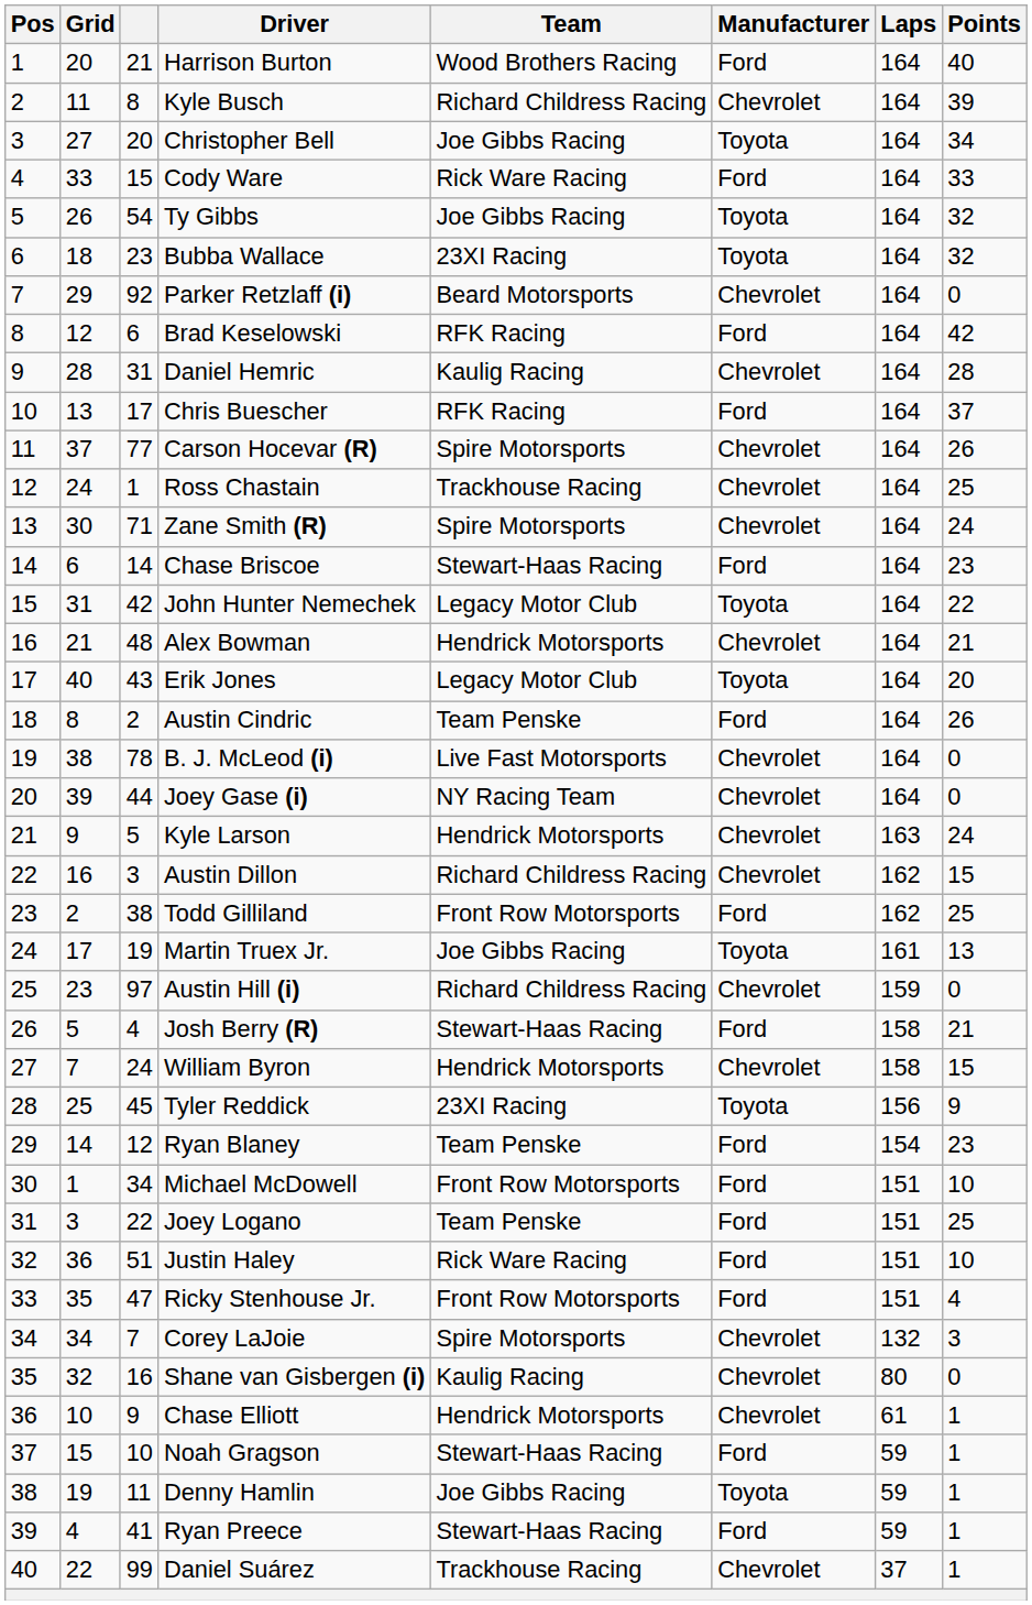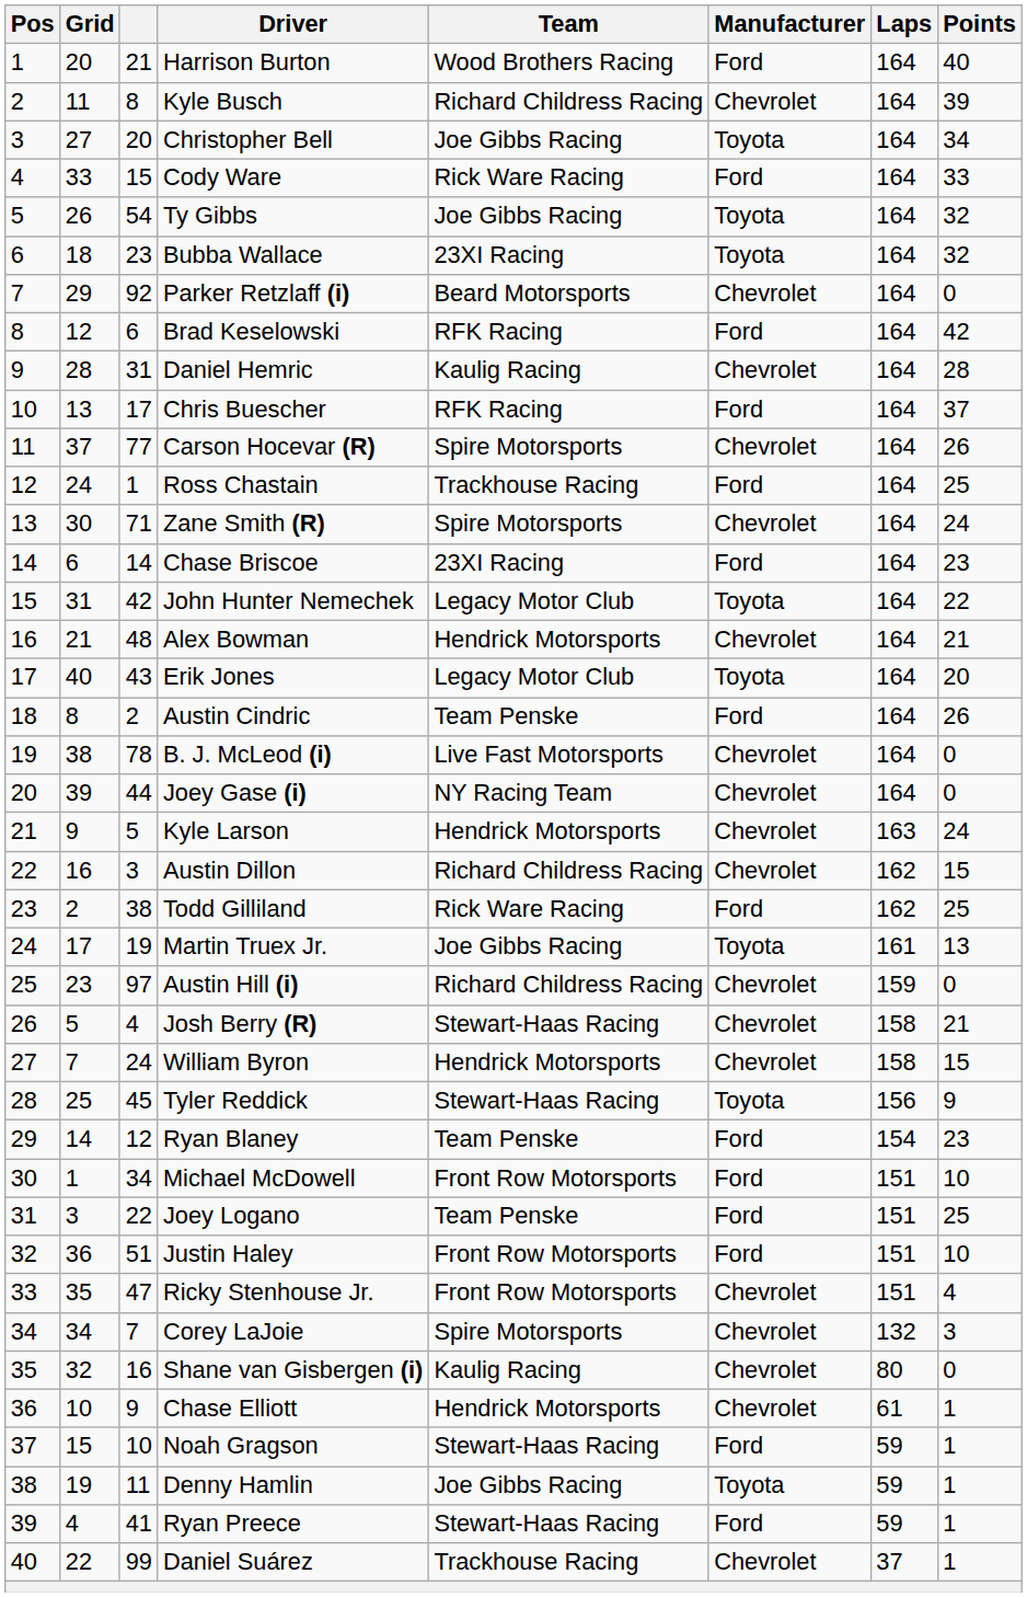 <table class="wikitable" style="font-size:98%">
 <tr>
 <th>Pos</th>
 <th>Grid</th>
 <th></th>
 <th>Driver</th>
 <th>Team</th>
 <th>Manufacturer</th>
 <th>Laps</th>
 <th>Points</th>
 </tr>
 <tr>
 <td>1</td>
 <td>20</td>
 <td>21</td>
 <td>Harrison Burton</td>
 <td>Wood Brothers Racing</td>
 <td>Ford</td>
 <td>164</td>
 <td>40</td>
 </tr>
 <tr>
 <td>2</td>
 <td>11</td>
 <td>8</td>
 <td>Kyle Busch</td>
 <td>Richard Childress Racing</td>
 <td>Chevrolet</td>
 <td>164</td>
 <td>39</td>
 </tr>
 <tr>
 <td>3</td>
 <td>27</td>
 <td>20</td>
 <td>Christopher Bell</td>
 <td>Joe Gibbs Racing</td>
 <td>Toyota</td>
 <td>164</td>
 <td>34</td>
 </tr>
 <tr>
 <td>4</td>
 <td>33</td>
 <td>15</td>
 <td>Cody Ware</td>
 <td>Rick Ware Racing</td>
 <td>Ford</td>
 <td>164</td>
 <td>33</td>
 </tr>
 <tr>
 <td>5</td>
 <td>26</td>
 <td>54</td>
 <td>Ty Gibbs</td>
 <td>Joe Gibbs Racing</td>
 <td>Toyota</td>
 <td>164</td>
 <td>32</td>
 </tr>
 <tr>
 <td>6</td>
 <td>18</td>
 <td>23</td>
 <td>Bubba Wallace</td>
 <td>23XI Racing</td>
 <td>Toyota</td>
 <td>164</td>
 <td>32</td>
 </tr>
 <tr>
 <td>7</td>
 <td>29</td>
 <td>92</td>
 <td>Parker Retzlaff <strong>(i)</strong></td>
 <td>Beard Motorsports</td>
 <td>Chevrolet</td>
 <td>164</td>
 <td>0</td>
 </tr>
 <tr>
 <td>8</td>
 <td>12</td>
 <td>6</td>
 <td>Brad Keselowski</td>
 <td>RFK Racing</td>
 <td>Ford</td>
 <td>164</td>
 <td>42</td>
 </tr>
 <tr>
 <td>9</td>
 <td>28</td>
 <td>31</td>
 <td>Daniel Hemric</td>
 <td>Kaulig Racing</td>
 <td>Chevrolet</td>
 <td>164</td>
 <td>28</td>
 </tr>
 <tr>
 <td>10</td>
 <td>13</td>
 <td>17</td>
 <td>Chris Buescher</td>
 <td>RFK Racing</td>
 <td>Ford</td>
 <td>164</td>
 <td>37</td>
 </tr>
 <tr>
 <td>11</td>
 <td>37</td>
 <td>77</td>
 <td>Carson Hocevar <strong>(R)</strong></td>
 <td>Spire Motorsports</td>
 <td>Chevrolet</td>
 <td>164</td>
 <td>26</td>
 </tr>
 <tr>
 <td>12</td>
 <td>24</td>
 <td>1</td>
 <td>Ross Chastain</td>
 <td>Trackhouse Racing</td>
-<td>Chevrolet</td>
+<td>Ford</td>
 <td>164</td>
 <td>25</td>
 </tr>
 <tr>
 <td>13</td>
 <td>30</td>
 <td>71</td>
 <td>Zane Smith <strong>(R)</strong></td>
 <td>Spire Motorsports</td>
 <td>Chevrolet</td>
 <td>164</td>
 <td>24</td>
 </tr>
 <tr>
 <td>14</td>
 <td>6</td>
 <td>14</td>
 <td>Chase Briscoe</td>
-<td>Stewart-Haas Racing</td>
+<td>23XI Racing</td>
 <td>Ford</td>
 <td>164</td>
 <td>23</td>
 </tr>
 <tr>
 <td>15</td>
 <td>31</td>
 <td>42</td>
 <td>John Hunter Nemechek</td>
 <td>Legacy Motor Club</td>
 <td>Toyota</td>
 <td>164</td>
 <td>22</td>
 </tr>
 <tr>
 <td>16</td>
 <td>21</td>
 <td>48</td>
 <td>Alex Bowman</td>
 <td>Hendrick Motorsports</td>
 <td>Chevrolet</td>
 <td>164</td>
 <td>21</td>
 </tr>
 <tr>
 <td>17</td>
 <td>40</td>
 <td>43</td>
 <td>Erik Jones</td>
 <td>Legacy Motor Club</td>
 <td>Toyota</td>
 <td>164</td>
 <td>20</td>
 </tr>
 <tr>
 <td>18</td>
 <td>8</td>
 <td>2</td>
 <td>Austin Cindric</td>
 <td>Team Penske</td>
 <td>Ford</td>
 <td>164</td>
 <td>26</td>
 </tr>
 <tr>
 <td>19</td>
 <td>38</td>
 <td>78</td>
 <td>B. J. McLeod <strong>(i)</strong></td>
 <td>Live Fast Motorsports</td>
 <td>Chevrolet</td>
 <td>164</td>
 <td>0</td>
 </tr>
 <tr>
 <td>20</td>
 <td>39</td>
 <td>44</td>
 <td>Joey Gase <strong>(i)</strong></td>
 <td>NY Racing Team</td>
 <td>Chevrolet</td>
 <td>164</td>
 <td>0</td>
 </tr>
 <tr>
 <td>21</td>
 <td>9</td>
 <td>5</td>
 <td>Kyle Larson</td>
 <td>Hendrick Motorsports</td>
 <td>Chevrolet</td>
 <td>163</td>
 <td>24</td>
 </tr>
 <tr>
 <td>22</td>
 <td>16</td>
 <td>3</td>
 <td>Austin Dillon</td>
 <td>Richard Childress Racing</td>
 <td>Chevrolet</td>
 <td>162</td>
 <td>15</td>
 </tr>
 <tr>
 <td>23</td>
 <td>2</td>
 <td>38</td>
 <td>Todd Gilliland</td>
-<td>Front Row Motorsports</td>
+<td>Rick Ware Racing</td>
 <td>Ford</td>
 <td>162</td>
 <td>25</td>
 </tr>
 <tr>
 <td>24</td>
 <td>17</td>
 <td>19</td>
 <td>Martin Truex Jr.</td>
 <td>Joe Gibbs Racing</td>
 <td>Toyota</td>
 <td>161</td>
 <td>13</td>
 </tr>
 <tr>
 <td>25</td>
 <td>23</td>
 <td>97</td>
 <td>Austin Hill <strong>(i)</strong></td>
 <td>Richard Childress Racing</td>
 <td>Chevrolet</td>
 <td>159</td>
 <td>0</td>
 </tr>
 <tr>
 <td>26</td>
 <td>5</td>
 <td>4</td>
 <td>Josh Berry <strong>(R)</strong></td>
 <td>Stewart-Haas Racing</td>
-<td>Ford</td>
+<td>Chevrolet</td>
 <td>158</td>
 <td>21</td>
 </tr>
 <tr>
 <td>27</td>
 <td>7</td>
 <td>24</td>
 <td>William Byron</td>
 <td>Hendrick Motorsports</td>
 <td>Chevrolet</td>
 <td>158</td>
 <td>15</td>
 </tr>
 <tr>
 <td>28</td>
 <td>25</td>
 <td>45</td>
 <td>Tyler Reddick</td>
-<td>23XI Racing</td>
+<td>Stewart-Haas Racing</td>
 <td>Toyota</td>
 <td>156</td>
 <td>9</td>
 </tr>
 <tr>
 <td>29</td>
 <td>14</td>
 <td>12</td>
 <td>Ryan Blaney</td>
 <td>Team Penske</td>
 <td>Ford</td>
 <td>154</td>
 <td>23</td>
 </tr>
 <tr>
 <td>30</td>
 <td>1</td>
 <td>34</td>
 <td>Michael McDowell</td>
 <td>Front Row Motorsports</td>
 <td>Ford</td>
 <td>151</td>
 <td>10</td>
 </tr>
 <tr>
 <td>31</td>
 <td>3</td>
 <td>22</td>
 <td>Joey Logano</td>
 <td>Team Penske</td>
 <td>Ford</td>
 <td>151</td>
 <td>25</td>
 </tr>
 <tr>
 <td>32</td>
 <td>36</td>
 <td>51</td>
 <td>Justin Haley</td>
-<td>Rick Ware Racing</td>
+<td>Front Row Motorsports</td>
 <td>Ford</td>
 <td>151</td>
 <td>10</td>
 </tr>
 <tr>
 <td>33</td>
 <td>35</td>
 <td>47</td>
 <td>Ricky Stenhouse Jr.</td>
 <td>Front Row Motorsports</td>
-<td>Ford</td>
+<td>Chevrolet</td>
 <td>151</td>
 <td>4</td>
 </tr>
 <tr>
 <td>34</td>
 <td>34</td>
 <td>7</td>
 <td>Corey LaJoie</td>
 <td>Spire Motorsports</td>
 <td>Chevrolet</td>
 <td>132</td>
 <td>3</td>
 </tr>
 <tr>
 <td>35</td>
 <td>32</td>
 <td>16</td>
 <td>Shane van Gisbergen <strong>(i)</strong></td>
 <td>Kaulig Racing</td>
 <td>Chevrolet</td>
 <td>80</td>
 <td>0</td>
 </tr>
 <tr>
 <td>36</td>
 <td>10</td>
 <td>9</td>
 <td>Chase Elliott</td>
 <td>Hendrick Motorsports</td>
 <td>Chevrolet</td>
 <td>61</td>
 <td>1</td>
 </tr>
 <tr>
 <td>37</td>
 <td>15</td>
 <td>10</td>
 <td>Noah Gragson</td>
 <td>Stewart-Haas Racing</td>
 <td>Ford</td>
 <td>59</td>
 <td>1</td>
 </tr>
 <tr>
 <td>38</td>
 <td>19</td>
 <td>11</td>
 <td>Denny Hamlin</td>
 <td>Joe Gibbs Racing</td>
 <td>Toyota</td>
 <td>59</td>
 <td>1</td>
 </tr>
 <tr>
 <td>39</td>
 <td>4</td>
 <td>41</td>
 <td>Ryan Preece</td>
 <td>Stewart-Haas Racing</td>
 <td>Ford</td>
 <td>59</td>
 <td>1</td>
 </tr>
 <tr>
 <td>40</td>
 <td>22</td>
 <td>99</td>
 <td>Daniel Suárez</td>
 <td>Trackhouse Racing</td>
 <td>Chevrolet</td>
 <td>37</td>
 <td>1</td>
 </tr>
 <tr>
 <th colspan="8"></th>
 </tr>
 </table>
